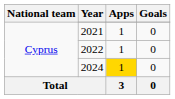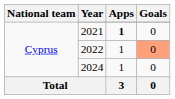 <table class="wikitable" style="text-align:center">
 <tr>
 <th>National team</th>
 <th>Year</th>
 <th>Apps</th>
 <th>Goals</th>
 </tr>
 <tr>
 <td rowspan=4><a href='#'>Cyprus</a></td>
 </tr>
 <tr>
 <td>2021</td>
-<td>1</td>
+<td><strong>1</strong></td>
 <td>0</td>
 </tr>
 <tr>
 <td>2022</td>
 <td>1</td>
-<td>0</td>
+<td style="background: lightsalmon;">0</td>
 </tr>
 <tr>
 <td>2024</td>
-<td style="background: gold;">1</td>
+<td>1</td>
 <td>0</td>
 </tr>
 <tr>
 <th colspan=2>Total</th>
 <th>3</th>
 <th>0</th>
 </tr>
 </table>
